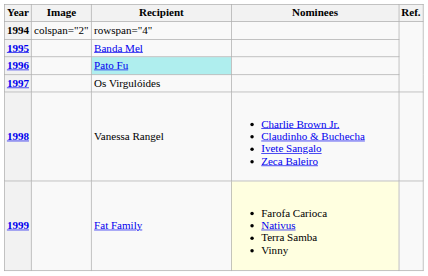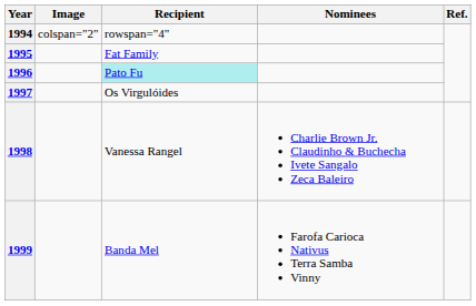 <table class="wikitable sortable">
 <tr>
 <th scope="col" bgcolor="#efefef">Year</th>
 <th scope="col" bgcolor="#efefef" width=80px>Image</th>
 <th scope="col" bgcolor="#efefef" width=250px>Recipient</th>
 <th scope="col" bgcolor="#efefef" width=300px class=unsortable>Nominees</th>
 <th scope="col" bgcolor="#efefef" class=unsortable>Ref.</th>
 </tr>
 <tr>
 <th scope="row">1994</th>
 <td>colspan="2" </td>
 <td>rowspan="4" </td>
 <td></td>
 </tr>
 <tr>
 <th scope="row"><a href='#'>1995</a></th>
 <td align="center"></td>
-<td><a href='#'>Banda Mel</a></td>
+<td><a href='#'>Fat Family</a></td>
 <td></td>
 </tr>
 <tr>
 <th scope="row"><a href='#'>1996</a></th>
 <td align="center"></td>
 <td style="background: paleturquoise;"><a href='#'>Pato Fu</a></td>
 <td></td>
 </tr>
 <tr>
 <th scope="row"><a href='#'>1997</a></th>
 <td align="center"></td>
 <td>Os Virgulóides</td>
 <td></td>
 </tr>
 <tr>
 <th scope="row"><a href='#'>1998</a></th>
 <td align="center"></td>
 <td>Vanessa Rangel</td>
 <td><br><ul><li><a href='#'>Charlie Brown Jr.</a></li><li><a href='#'>Claudinho & Buchecha</a></li><li><a href='#'>Ivete Sangalo</a></li><li><a href='#'>Zeca Baleiro</a></li></ul></td>
 <td></td>
 </tr>
 <tr>
 <th scope="row"><a href='#'>1999</a></th>
 <td align="center"></td>
-<td><a href='#'>Fat Family</a></td>
-<td style="background: lightyellow;"><br><ul><li>Farofa Carioca</li><li><a href='#'>Nativus</a></li><li>Terra Samba</li><li>Vinny</li></ul></td>
+<td><a href='#'>Banda Mel</a></td>
+<td><br><ul><li>Farofa Carioca</li><li><a href='#'>Nativus</a></li><li>Terra Samba</li><li>Vinny</li></ul></td>
 <td></td>
 </tr>
 </table>
